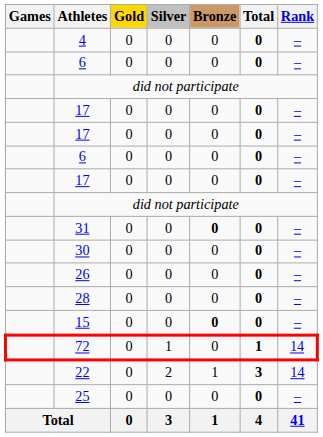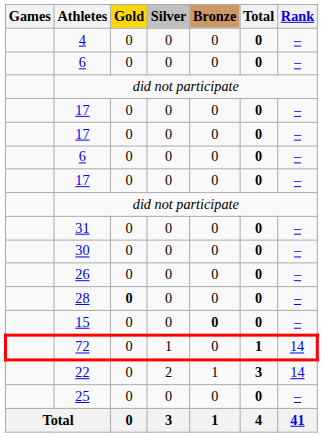 <table class="wikitable" style="text-align:center; font-size:90%;">
 <tr>
 <th>Games</th>
 <th>Athletes</th>
 <td style="background:gold"><strong>Gold</strong></td>
 <td style="background:silver"><strong>Silver</strong></td>
 <td style="background:#c96"><strong>Bronze</strong></td>
 <th><strong>Total</strong></th>
 <th><a href='#'><strong>Rank</strong></a></th>
 </tr>
 <tr>
 <td></td>
 <td><a href='#'>4</a></td>
 <td>0</td>
 <td>0</td>
 <td>0</td>
 <td><strong>0</strong></td>
 <td><a href='#'>–</a></td>
 </tr>
 <tr>
 <td></td>
 <td><a href='#'>6</a></td>
 <td>0</td>
 <td>0</td>
 <td>0</td>
 <td><strong>0</strong></td>
 <td><a href='#'>–</a></td>
 </tr>
 <tr>
 <td></td>
 <td colspan=6><em>did not participate</em></td>
 </tr>
 <tr>
 <td></td>
 <td><a href='#'>17</a></td>
 <td>0</td>
 <td>0</td>
 <td>0</td>
 <td><strong>0</strong></td>
 <td><a href='#'>–</a></td>
 </tr>
 <tr>
 <td></td>
 <td><a href='#'>17</a></td>
 <td>0</td>
 <td>0</td>
 <td>0</td>
 <td><strong>0</strong></td>
 <td><a href='#'>–</a></td>
 </tr>
 <tr>
 <td></td>
 <td><a href='#'>6</a></td>
 <td>0</td>
 <td>0</td>
 <td>0</td>
 <td><strong>0</strong></td>
 <td><a href='#'>–</a></td>
 </tr>
 <tr>
 <td></td>
 <td><a href='#'>17</a></td>
 <td>0</td>
 <td>0</td>
 <td>0</td>
 <td><strong>0</strong></td>
 <td><a href='#'>–</a></td>
 </tr>
 <tr>
 <td></td>
 <td colspan=6><em>did not participate</em></td>
 </tr>
 <tr>
 <td></td>
 <td><a href='#'>31</a></td>
 <td>0</td>
 <td>0</td>
-<td><strong>0</strong></td>
+<td>0</td>
 <td><strong>0</strong></td>
 <td><a href='#'>–</a></td>
 </tr>
 <tr>
 <td></td>
 <td><a href='#'>30</a></td>
 <td>0</td>
 <td>0</td>
 <td>0</td>
 <td><strong>0</strong></td>
 <td><a href='#'>–</a></td>
 </tr>
 <tr>
 <td></td>
 <td><a href='#'>26</a></td>
 <td>0</td>
 <td>0</td>
 <td>0</td>
 <td><strong>0</strong></td>
 <td><a href='#'>–</a></td>
 </tr>
 <tr>
 <td></td>
 <td><a href='#'>28</a></td>
-<td>0</td>
+<td><strong>0</strong></td>
 <td>0</td>
 <td>0</td>
 <td><strong>0</strong></td>
 <td><a href='#'>–</a></td>
 </tr>
 <tr>
 <td></td>
 <td><a href='#'>15</a></td>
 <td>0</td>
 <td>0</td>
 <td><strong>0</strong></td>
 <td><strong>0</strong></td>
 <td><a href='#'>–</a></td>
 </tr>
 <tr style="border: 3px solid red">
 <td></td>
 <td><a href='#'>72</a></td>
 <td>0</td>
 <td>1</td>
 <td>0</td>
 <td><strong>1</strong></td>
 <td><a href='#'>14</a></td>
 </tr>
 <tr>
 <td></td>
 <td><a href='#'>22</a></td>
 <td>0</td>
 <td>2</td>
 <td>1</td>
 <td><strong>3</strong></td>
 <td><a href='#'>14</a></td>
 </tr>
 <tr>
 <td></td>
 <td><a href='#'>25</a></td>
 <td>0</td>
 <td>0</td>
 <td>0</td>
 <td><strong>0</strong></td>
 <td><a href='#'>–</a></td>
 </tr>
 <tr>
 <th colspan=2>Total</th>
 <th>0</th>
 <th>3</th>
 <th>1</th>
 <th>4</th>
 <th><a href='#'>41</a></th>
 </tr>
 </table>
